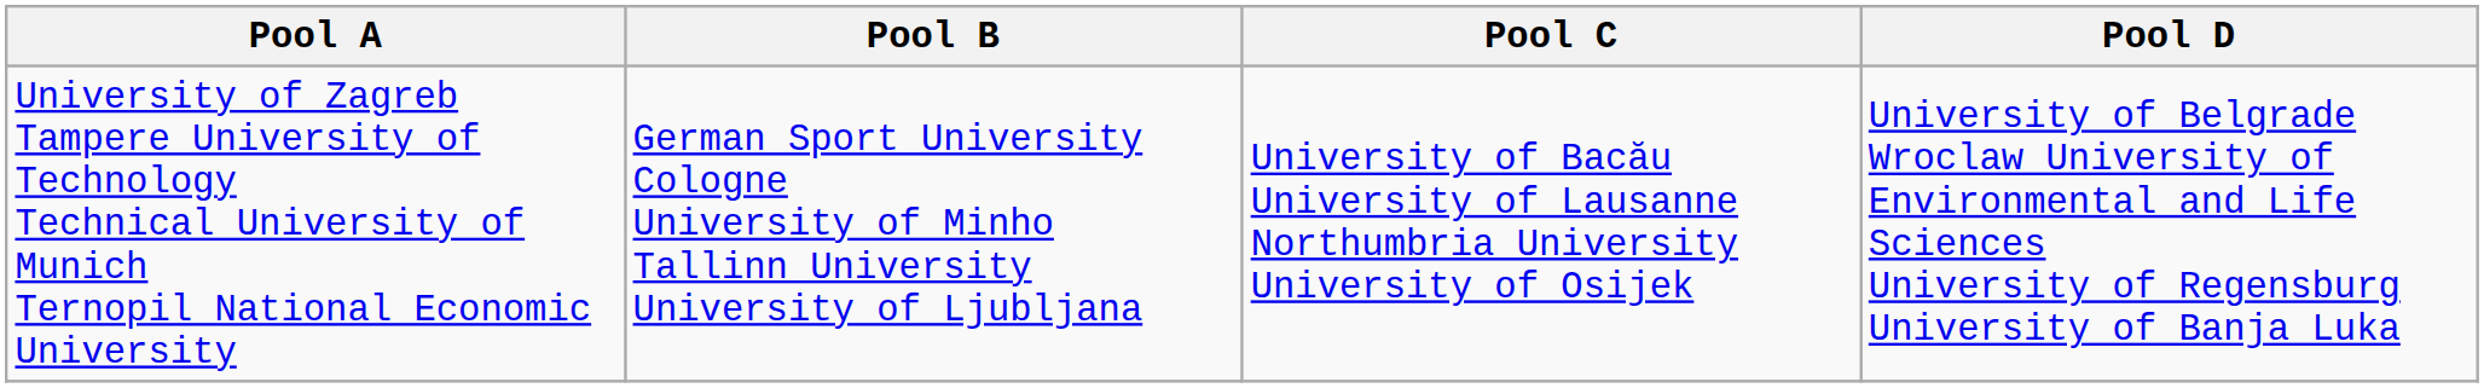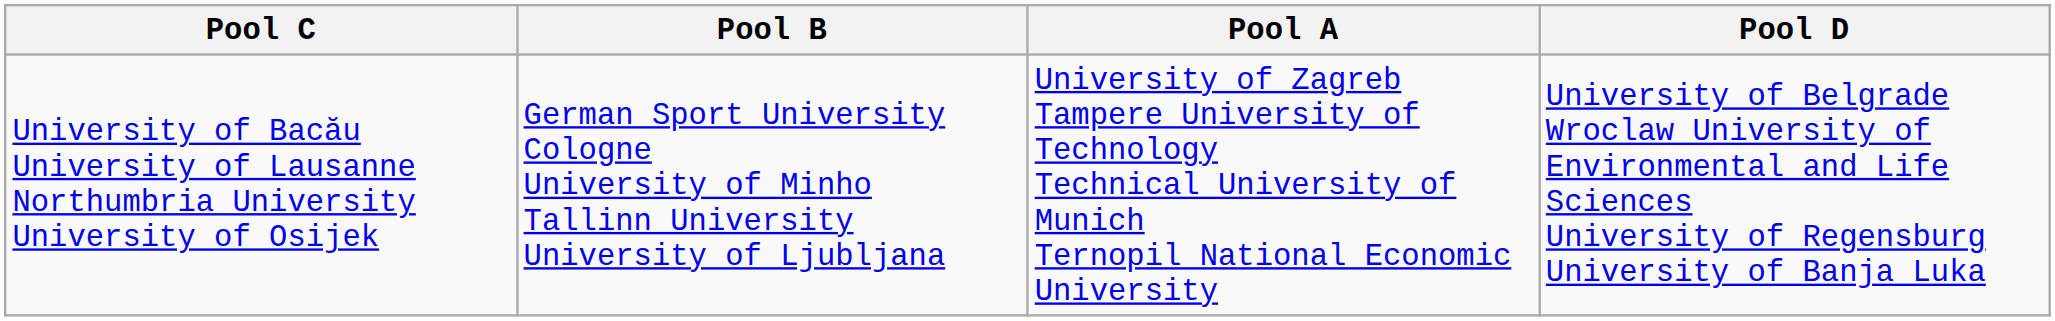 <table class="wikitable">
 <tr>
+<th width=25%>Pool C</th>
+<th width=25%>Pool B</th>
 <th width=25%>Pool A</th>
-<th width=25%>Pool B</th>
-<th width=25%>Pool C</th>
 <th width=25%>Pool D</th>
 </tr>
 <tr>
+<td> <a href='#'>University of Bacău</a><br> <a href='#'>University of Lausanne</a><br> <a href='#'>Northumbria University</a><br> <a href='#'>University of Osijek</a></td>
+<td> <a href='#'>German Sport University Cologne</a><br> <a href='#'>University of Minho</a><br> <a href='#'>Tallinn University</a><br> <a href='#'>University of Ljubljana</a></td>
 <td> <a href='#'>University of Zagreb</a><br> <a href='#'>Tampere University of Technology</a><br> <a href='#'>Technical University of Munich</a><br> <a href='#'>Ternopil National Economic University</a></td>
-<td> <a href='#'>German Sport University Cologne</a><br> <a href='#'>University of Minho</a><br> <a href='#'>Tallinn University</a><br> <a href='#'>University of Ljubljana</a></td>
-<td> <a href='#'>University of Bacău</a><br> <a href='#'>University of Lausanne</a><br> <a href='#'>Northumbria University</a><br> <a href='#'>University of Osijek</a></td>
 <td> <a href='#'>University of Belgrade</a><br> <a href='#'>Wroclaw University of Environmental and Life Sciences</a><br> <a href='#'>University of Regensburg</a><br> <a href='#'>University of Banja Luka</a></td>
 </tr>
 </table>
